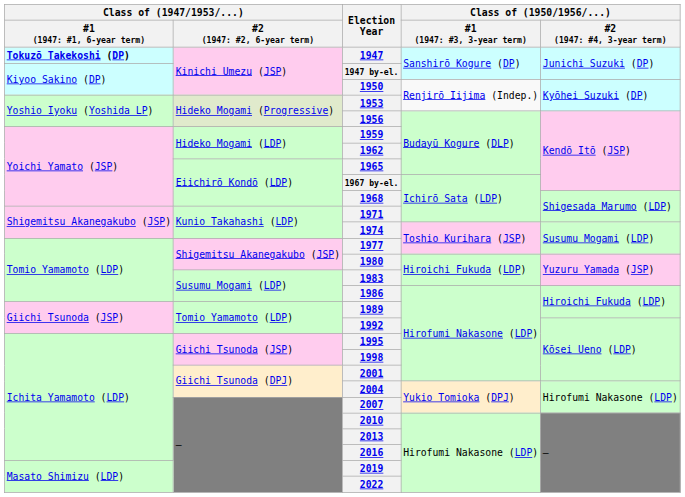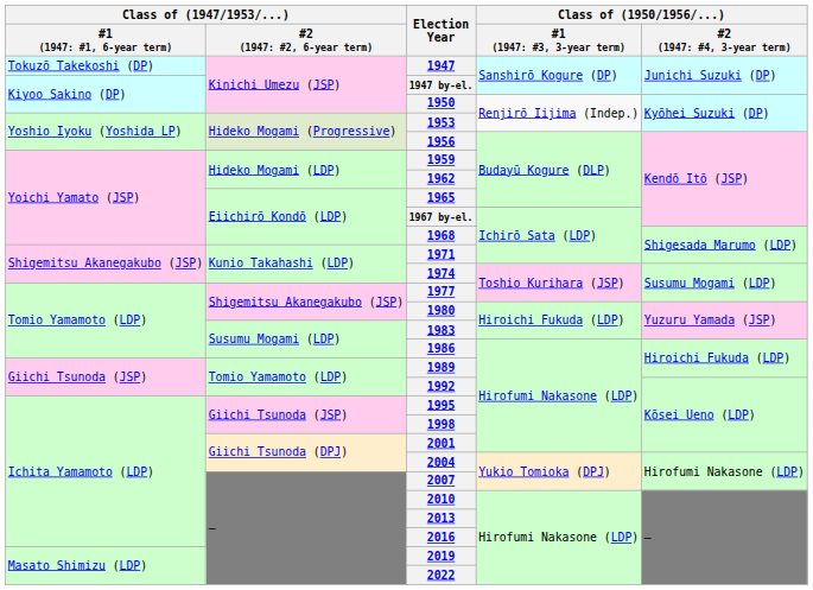 <table class="wikitable" border="1">
 <tr>
 <th colspan="2">Class of (1947/1953/...)</th>
 <th rowspan="2">Election<br>Year</th>
 <th colspan="2">Class of (1950/1956/...)</th>
 </tr>
 <tr>
 <th>#1<br><small>(1947: #1, 6-year term)</small></th>
 <th>#2<br><small>(1947: #2, 6-year term)</small></th>
 <th>#1<br><small>(1947: #3, 3-year term)</small></th>
 <th>#2<br><small>(1947: #4, 3-year term)</small></th>
 </tr>
 <tr>
-<td bgcolor="#CCFFFF"><strong><a href='#'>Tokuzō Takekoshi</a> (<a href='#'>DP</a>)</strong></td>
+<td bgcolor="#CCFFFF"><a href='#'>Tokuzō Takekoshi</a> (<a href='#'>DP</a>)</td>
 <td rowspan="3" bgcolor="#FFCCEE"><a href='#'>Kinichi Umezu</a> (<a href='#'>JSP</a>)</td>
 <th><a href='#'>1947</a></th>
 <td rowspan="2" bgcolor="#CCFFFF"><a href='#'>Sanshirō Kogure</a> (<a href='#'>DP</a>)</td>
 <td rowspan="2" bgcolor="#CCFFFF"><a href='#'>Junichi Suzuki</a> (<a href='#'>DP</a>)</td>
 </tr>
 <tr>
 <td rowspan="2" bgcolor="#CCFFFF"><a href='#'>Kiyoo Sakino</a> (<a href='#'>DP</a>)</td>
 <th><small>1947 by-el.</small></th>
 </tr>
 <tr>
 <th><a href='#'>1950</a></th>
 <td rowspan="2"><a href='#'>Renjirō Iijima</a> (Indep.)</td>
 <td rowspan="2" bgcolor="#CCFFFF"><a href='#'>Kyōhei Suzuki</a> (<a href='#'>DP</a>)</td>
 </tr>
 <tr>
 <td rowspan="2" bgcolor="#CCFFCC"><a href='#'>Yoshio Iyoku</a> (<a href='#'>Yoshida LP</a>)</td>
 <td rowspan="2" bgcolor="#E0EACC"><a href='#'>Hideko Mogami</a> (<a href='#'>Progressive</a>)</td>
 <th><a href='#'>1953</a></th>
 </tr>
 <tr>
 <th><a href='#'>1956</a></th>
 <td rowspan="4" bgcolor="#CCFFCC"><a href='#'>Budayū Kogure</a> (<a href='#'>DLP</a>)</td>
 <td rowspan="5" bgcolor="#FFCCEE"><a href='#'>Kendō Itō</a> (<a href='#'>JSP</a>)</td>
 </tr>
 <tr>
 <td rowspan="5" bgcolor="#FFCCEE"><a href='#'>Yoichi Yamato</a> (<a href='#'>JSP</a>)</td>
 <td rowspan="2" bgcolor="#CCFFCC"><a href='#'>Hideko Mogami</a> (<a href='#'>LDP</a>)</td>
 <th><a href='#'>1959</a></th>
 </tr>
 <tr>
 <th><a href='#'>1962</a></th>
 </tr>
 <tr>
 <td rowspan="3" bgcolor="#CCFFCC"><a href='#'>Eiichirō Kondō</a> (<a href='#'>LDP</a>)</td>
 <th><a href='#'>1965</a></th>
 </tr>
 <tr>
 <th><small>1967 by-el.</small></th>
 <td rowspan="3" bgcolor="#CCFFCC"><a href='#'>Ichirō Sata</a> (<a href='#'>LDP</a>)</td>
 </tr>
 <tr>
 <th><a href='#'>1968</a></th>
 <td rowspan="2" bgcolor="#CCFFCC"><a href='#'>Shigesada Marumo</a> (<a href='#'>LDP</a>)</td>
 </tr>
 <tr>
 <td rowspan="2" bgcolor="#FFCCEE"><a href='#'>Shigemitsu Akanegakubo</a> (<a href='#'>JSP</a>)</td>
 <td rowspan="2" bgcolor="#CCFFCC"><a href='#'>Kunio Takahashi</a> (<a href='#'>LDP</a>)</td>
 <th><a href='#'>1971</a></th>
 </tr>
 <tr>
 <th><a href='#'>1974</a></th>
 <td rowspan="2" bgcolor="#FFCCEE"><a href='#'>Toshio Kurihara</a> (<a href='#'>JSP</a>)</td>
 <td rowspan="2" bgcolor="#CCFFCC"><a href='#'>Susumu Mogami</a> (<a href='#'>LDP</a>)</td>
 </tr>
 <tr>
 <td rowspan="4" bgcolor="#CCFFCC"><a href='#'>Tomio Yamamoto</a> (<a href='#'>LDP</a>)</td>
 <td rowspan="2" bgcolor="#FFCCEE"><a href='#'>Shigemitsu Akanegakubo</a> (<a href='#'>JSP</a>)</td>
 <th><a href='#'>1977</a></th>
 </tr>
 <tr>
 <th><a href='#'>1980</a></th>
 <td rowspan="2" bgcolor="#CCFFCC"><a href='#'>Hiroichi Fukuda</a> (<a href='#'>LDP</a>)</td>
 <td rowspan="2" bgcolor="#FFCCEE"><a href='#'>Yuzuru Yamada</a> (<a href='#'>JSP</a>)</td>
 </tr>
 <tr>
 <td rowspan="2" bgcolor="#CCFFCC"><a href='#'>Susumu Mogami</a> (<a href='#'>LDP</a>)</td>
 <th><a href='#'>1983</a></th>
 </tr>
 <tr>
 <th><a href='#'>1986</a></th>
 <td rowspan="6" bgcolor="#CCFFCC"><a href='#'>Hirofumi Nakasone</a> (<a href='#'>LDP</a>)</td>
 <td rowspan="2" bgcolor="#CCFFCC"><a href='#'>Hiroichi Fukuda</a> (<a href='#'>LDP</a>)</td>
 </tr>
 <tr>
 <td rowspan="2" bgcolor="#FFCCEE"><a href='#'>Giichi Tsunoda</a> (<a href='#'>JSP</a>)</td>
 <td rowspan="2" bgcolor="#CCFFCC"><a href='#'>Tomio Yamamoto</a> (<a href='#'>LDP</a>)</td>
 <th><a href='#'>1989</a></th>
 </tr>
 <tr>
 <th><a href='#'>1992</a></th>
 <td rowspan="4" bgcolor="#CCFFCC"><a href='#'>Kōsei Ueno</a> (<a href='#'>LDP</a>)</td>
 </tr>
 <tr>
 <td rowspan="8" bgcolor="#CCFFCC"><a href='#'>Ichita Yamamoto</a> (<a href='#'>LDP</a>)</td>
 <td rowspan="2" bgcolor="#FFCCEE"><a href='#'>Giichi Tsunoda</a> (<a href='#'>JSP</a>)</td>
 <th><a href='#'>1995</a></th>
 </tr>
 <tr>
 <th><a href='#'>1998</a></th>
 </tr>
 <tr>
 <td rowspan="2" bgcolor="#FFEECC"><a href='#'>Giichi Tsunoda</a> (<a href='#'>DPJ</a>)</td>
 <th><a href='#'>2001</a></th>
 </tr>
 <tr>
 <th><a href='#'>2004</a></th>
 <td rowspan="2" bgcolor="#FFEECC"><a href='#'>Yukio Tomioka</a> (<a href='#'>DPJ</a>)</td>
 <td rowspan="2" bgcolor="#CCFFCC">Hirofumi Nakasone (<a href='#'>LDP</a>)</td>
 </tr>
 <tr>
 <td rowspan="6" bgcolor="grey">–</td>
 <th><a href='#'>2007</a></th>
 </tr>
 <tr>
 <th><a href='#'>2010</a></th>
 <td rowspan="5" bgcolor="#CCFFCC">Hirofumi Nakasone (<a href='#'>LDP</a>)</td>
 <td rowspan="5" bgcolor="grey">–</td>
 </tr>
 <tr>
 <th><a href='#'>2013</a></th>
 </tr>
 <tr>
 <th><a href='#'>2016</a></th>
 </tr>
 <tr>
 <td rowspan="2" bgcolor="#CCFFCC"><a href='#'>Masato Shimizu</a> (<a href='#'>LDP</a>)</td>
 <th><a href='#'>2019</a></th>
 </tr>
 <tr>
 <th><a href='#'>2022</a></th>
 </tr>
 </table>
